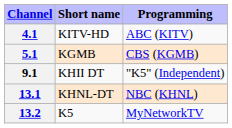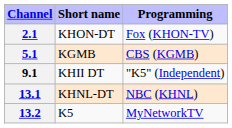 <table class="wikitable">
 <tr>
 <th style="background-color: #bdbdff" scope="col"><a href='#'>Channel</a></th>
 <th style="background-color: #bdbdff" scope="col">Short name</th>
 <th style="background-color: #bdbdff" scope="col">Programming</th>
 </tr>
 <tr>
-<th scope="row"><a href='#'>4.1</a></th>
-<td>KITV-HD</td>
-<td><a href='#'>ABC</a> (<a href='#'>KITV</a>)</td>
+<th scope="row"><a href='#'>2.1</a></th>
+<td>KHON-DT</td>
+<td><a href='#'>Fox</a> (<a href='#'>KHON-TV</a>)</td>
 </tr>
 <tr>
 <th scope="row"><a href='#'>5.1</a></th>
 <td style="background-color:#ffe8d0">KGMB</td>
 <td style="background-color:#ffe8d0"><a href='#'>CBS</a> (<a href='#'>KGMB</a>) </td>
 </tr>
 <tr>
 <th scope="row">9.1</th>
 <td>KHII DT</td>
 <td>"K5" (<a href='#'>Independent</a>)</td>
 </tr>
 <tr>
 <th scope="row"><a href='#'>13.1</a></th>
 <td style="background-color:#ffe8d0">KHNL-DT</td>
 <td style="background-color:#ffe8d0"><a href='#'>NBC</a> (<a href='#'>KHNL</a>) </td>
 </tr>
 <tr>
 <th scope="row"><a href='#'>13.2</a></th>
 <td>K5</td>
 <td><a href='#'>MyNetworkTV</a></td>
 </tr>
 </table>
